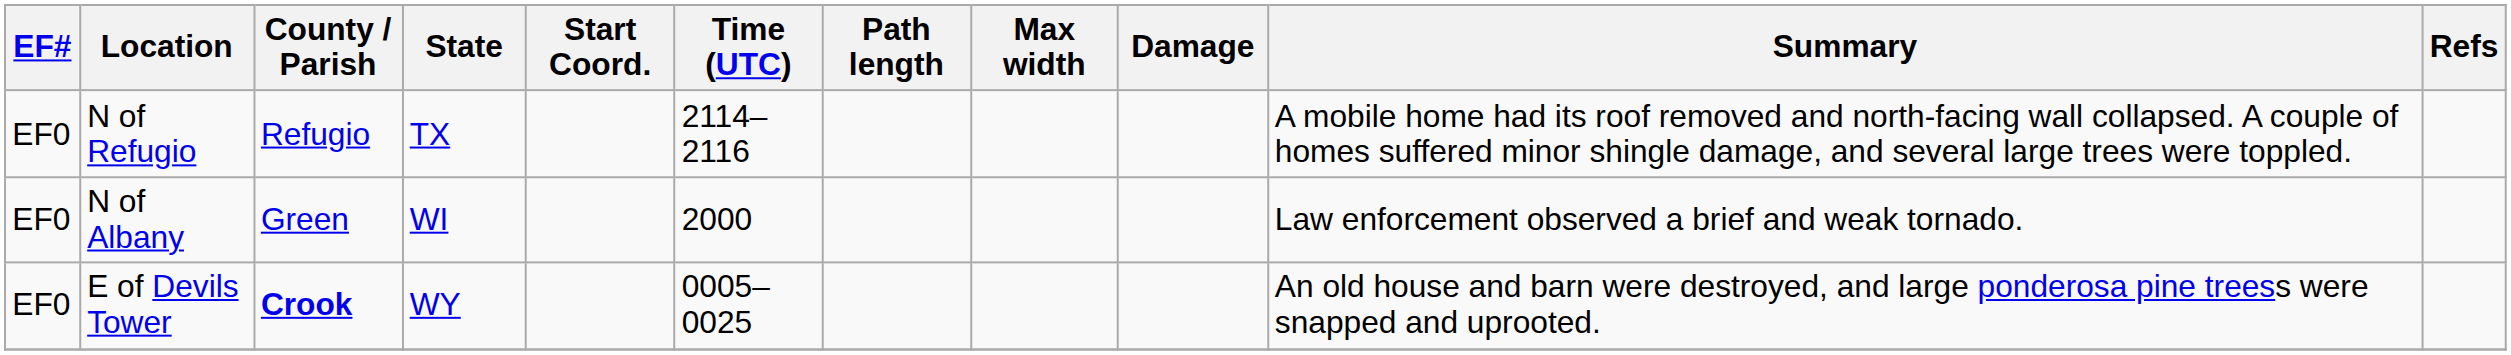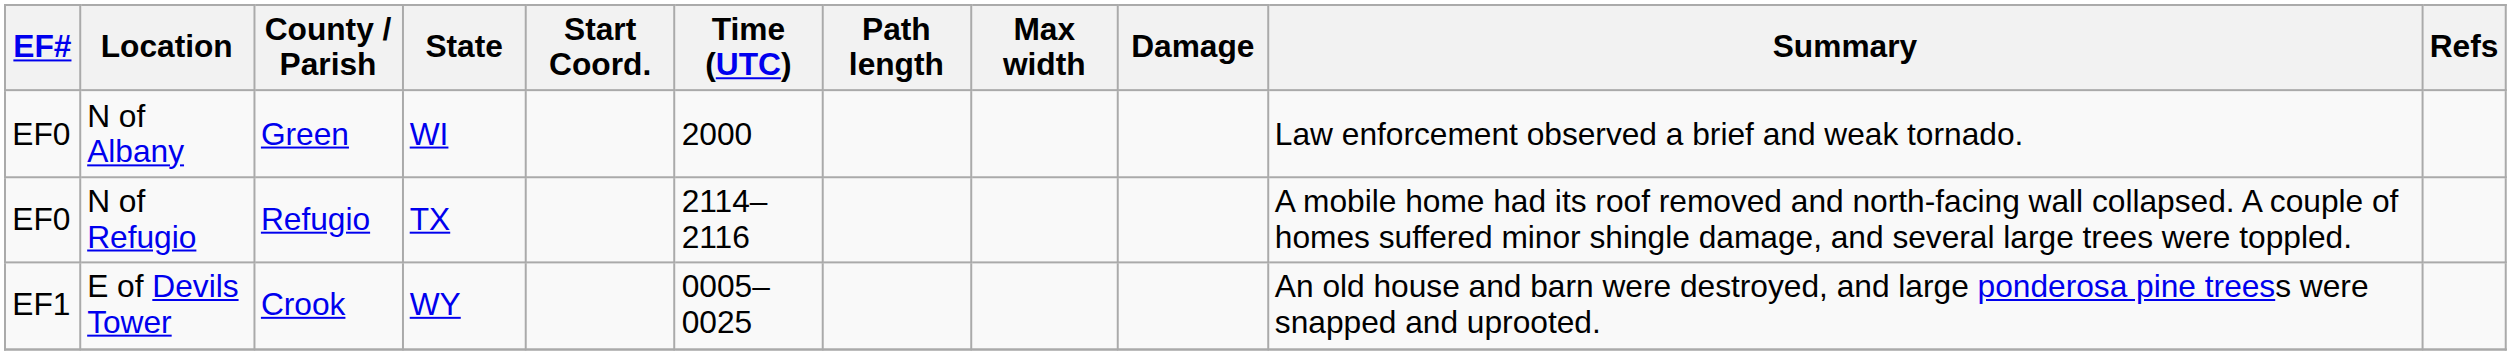 <table class="wikitable sortable" style="width:100%;">
 <tr>
 <th scope="col" width="3%" align="center"><a href='#'>EF#</a></th>
 <th scope="col" width="7%" align="center" class="unsortable">Location</th>
 <th scope="col" width="6%" align="center" class="unsortable">County / Parish</th>
 <th scope="col" width="5%" align="center">State</th>
 <th scope="col" width="6%" align="center">Start Coord.</th>
 <th scope="col" width="6%" align="center">Time (<a href='#'>UTC</a>)</th>
 <th scope="col" width="6%" align="center">Path length</th>
 <th scope="col" width="6%" align="center">Max width</th>
 <th scope="col" width="6%" align="center">Damage</th>
 <th scope="col" width="48%" class="unsortable" align="center">Summary</th>
 <th scope="col" width="48%" class="unsortable" align="center">Refs</th>
 </tr>
 <tr>
 <td>EF0</td>
-<td>N of <a href='#'>Refugio</a></td>
-<td><a href='#'>Refugio</a></td>
-<td><a href='#'>TX</a></td>
-<td></td>
-<td>2114–2116</td>
-<td></td>
-<td></td>
-<td></td>
-<td>A mobile home had its roof removed and north-facing wall collapsed. A couple of homes suffered minor shingle damage, and several large trees were toppled.</td>
-<td></td>
-</tr>
-<tr>
-<td>EF0</td>
 <td>N of <a href='#'>Albany</a></td>
 <td><a href='#'>Green</a></td>
 <td><a href='#'>WI</a></td>
 <td></td>
 <td>2000</td>
 <td></td>
 <td></td>
 <td></td>
 <td>Law enforcement observed a brief and weak tornado.</td>
 <td></td>
 </tr>
 <tr>
 <td>EF0</td>
+<td>N of <a href='#'>Refugio</a></td>
+<td><a href='#'>Refugio</a></td>
+<td><a href='#'>TX</a></td>
+<td></td>
+<td>2114–2116</td>
+<td></td>
+<td></td>
+<td></td>
+<td>A mobile home had its roof removed and north-facing wall collapsed. A couple of homes suffered minor shingle damage, and several large trees were toppled.</td>
+<td></td>
+</tr>
+<tr>
+<td>EF1</td>
 <td>E of <a href='#'>Devils Tower</a></td>
-<td><strong><a href='#'>Crook</a></strong></td>
+<td><a href='#'>Crook</a></td>
 <td><a href='#'>WY</a></td>
 <td></td>
 <td>0005–0025</td>
 <td></td>
 <td></td>
 <td></td>
 <td>An old house and barn were destroyed, and large <a href='#'>ponderosa pine trees</a>s were snapped and uprooted.</td>
 <td></td>
 </tr>
 <tr>
 </tr>
 </table>
